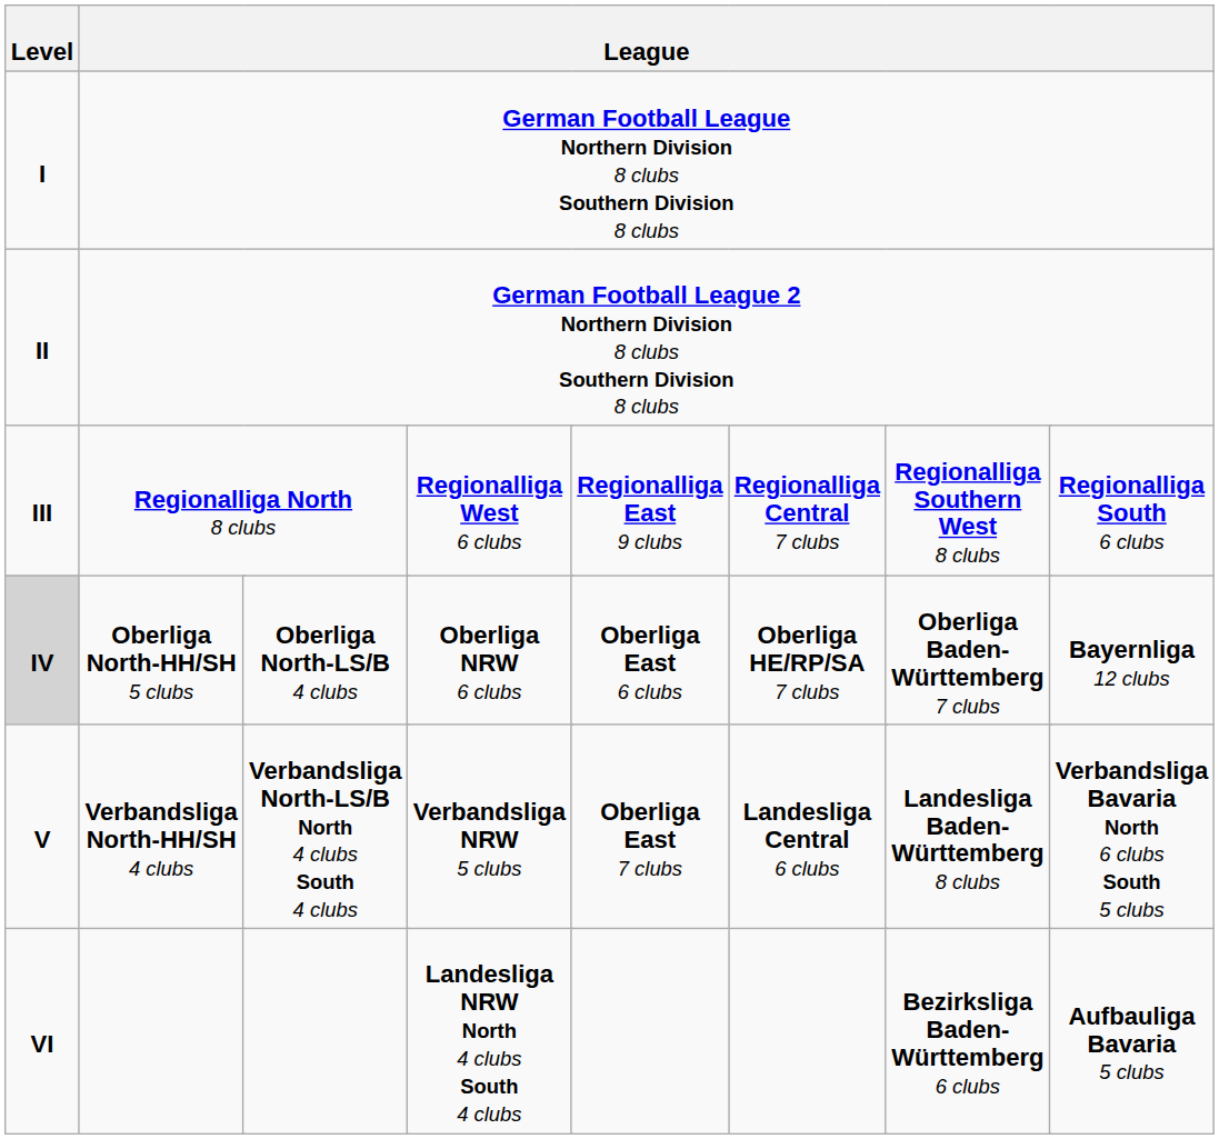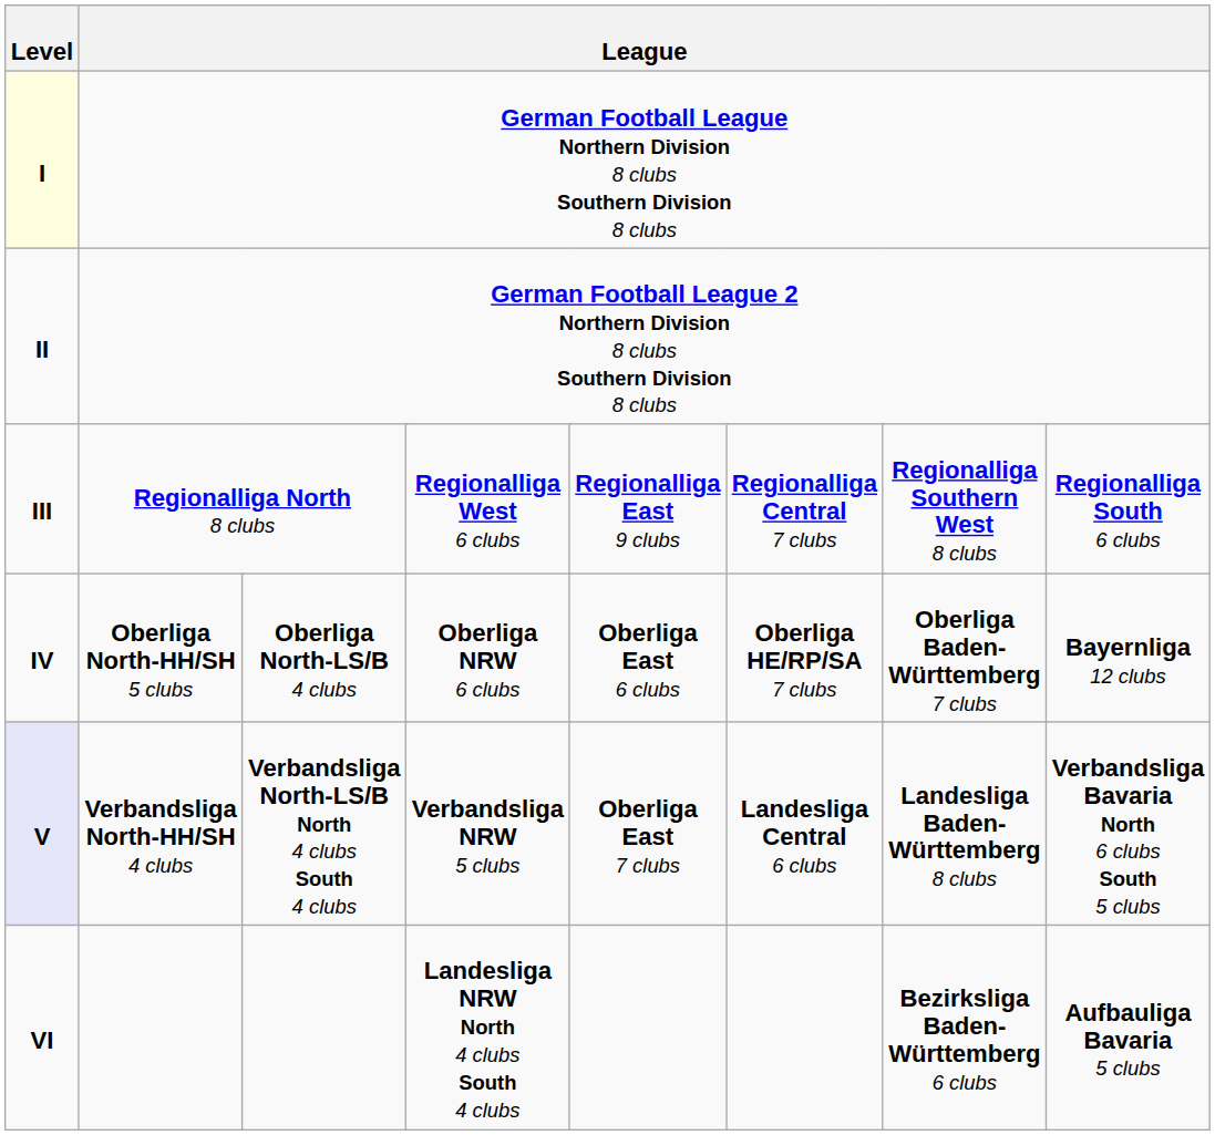 <table class="wikitable" style="text-align: center;">
 <tr>
 <th colspan="1" width="5%"><br>Level</th>
 <th colspan="36" width="95%"><br><strong>League</strong></th>
 </tr>
 <tr>
-<td colspan="1" width="5%"><br><strong>I</strong></td>
+<td colspan="1" width="5%" style="background: lightyellow;"><br><strong>I</strong></td>
 <td colspan="36" width="95%"><br><strong><a href='#'>German Football League</a></strong> <br> <small><strong>Northern Division</strong></small><br> <small><em>8 clubs</em></small><br> <small><strong>Southern Division</strong></small><br> <small><em>8 clubs</em></small></td>
 </tr>
 <tr>
 <td colspan="1" width="5%"><br><strong>II</strong></td>
 <td colspan="36" width="95%"><br><strong><a href='#'>German Football League 2</a></strong> <br> <small><strong>Northern Division</strong></small><br> <small><em>8 clubs</em></small><br> <small><strong>Southern Division</strong></small><br> <small><em>8 clubs</em></small></td>
 </tr>
 <tr>
 <td colspan="1" width="5%"><br><strong>III</strong></td>
 <td colspan="8" width="19%"><br><strong><a href='#'>Regionalliga North</a></strong><br> <small><em>8 clubs</em></small></td>
 <td colspan="7" width="19%"><br><strong><a href='#'>Regionalliga West</a></strong><br> <small><em>6 clubs</em></small></td>
 <td colspan="7" width="19%"><br><strong><a href='#'>Regionalliga East</a></strong><br> <small><em>9 clubs</em></small></td>
 <td colspan="4" width="19%"><br><strong><a href='#'>Regionalliga Central</a></strong><br> <small><em>7 clubs</em></small></td>
 <td colspan="4" width="19%"><br><strong><a href='#'>Regionalliga Southern West</a></strong><br> <small><em>8 clubs</em></small></td>
 <td colspan="6" width="19%"><br><strong><a href='#'>Regionalliga South</a></strong><br> <small><em>6 clubs</em></small></td>
 </tr>
 <tr>
-<td colspan="1" width="5%" style="background: lightgrey;"><br><strong>IV</strong></td>
+<td colspan="1" width="5%"><br><strong>IV</strong></td>
 <td colspan="4" width="9.5%"><br><strong>Oberliga North-HH/SH</strong><br> <small><em>5 clubs</em></small></td>
 <td colspan="4" width="9.5%"><br><strong>Oberliga North-LS/B</strong><br> <small><em>4 clubs</em></small></td>
 <td colspan="7" width="19%"><br><strong>Oberliga NRW</strong><br> <small><em>6 clubs</em></small></td>
 <td colspan="7" width="19%"><br><strong>Oberliga East</strong><br> <small><em>6 clubs</em></small></td>
 <td colspan="4" width="9.5%"><br><strong>Oberliga HE/RP/SA</strong><br> <small><em>7 clubs</em></small></td>
 <td colspan="4" width="9.5%"><br><strong>Oberliga Baden-Württemberg</strong><br> <small><em>7 clubs</em></small></td>
 <td colspan="6" width="19%"><br><strong>Bayernliga</strong><br> <small><em>12 clubs</em></small></td>
 </tr>
 <tr>
-<td colspan="1" width="5%"><br><strong>V</strong></td>
+<td colspan="1" width="5%" style="background: lavender;"><br><strong>V</strong></td>
 <td colspan="4" width="9.5%"><br><strong>Verbandsliga North-HH/SH</strong><br> <small><em>4 clubs</em></small></td>
 <td colspan="4" width="9.5%"><br><strong>Verbandsliga North-LS/B</strong><br> <small><strong>North</strong></small><br> <small><em>4 clubs</em></small><br> <small><strong>South</strong></small><br> <small><em>4 clubs</em></small></td>
 <td colspan="7" width="19%"><br><strong>Verbandsliga NRW</strong><br> <small><em>5 clubs</em></small></td>
 <td colspan="7" width="19%"><br><strong>Oberliga East</strong><br> <small><em>7 clubs</em></small></td>
 <td colspan="4" width="9.5%"><br><strong>Landesliga Central</strong><br> <small><em>6 clubs</em></small></td>
 <td colspan="4" width="9.5%"><br><strong>Landesliga Baden-Württemberg</strong><br> <small><em>8 clubs</em></small></td>
 <td colspan="6" width="19%"><br><strong>Verbandsliga Bavaria</strong><br> <small><strong>North</strong></small><br> <small><em>6 clubs</em></small><br> <small><strong>South</strong></small><br> <small><em>5 clubs</em></small></td>
 </tr>
 <tr>
 <td colspan="1" width="5%"><br><strong>VI</strong></td>
 <td colspan="4" width="9.5%"></td>
 <td colspan="4" width="9.5%"></td>
 <td colspan="7" width="19%"><br><strong>Landesliga NRW</strong><br> <small><strong>North</strong></small><br> <small><em>4 clubs</em></small><br> <small><strong>South</strong></small><br> <small><em>4 clubs</em></small></td>
 <td colspan="7" width="19%"></td>
 <td colspan="4" width="9.5%"></td>
 <td colspan="4" width="9.5%"><br><strong>Bezirksliga Baden-Württemberg</strong><br> <small><em>6 clubs</em></small></td>
 <td colspan="6" width="19%"><br><strong>Aufbauliga Bavaria</strong><br> <small><em>5 clubs</em></small></td>
 </tr>
 </table>
